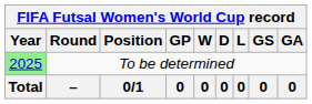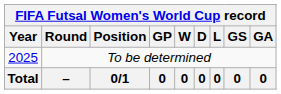 <table class="wikitable" style="text-align: center;font-size:90%;">
 <tr>
 <th colspan=9><a href='#'>FIFA Futsal Women's World Cup</a> record</th>
 </tr>
 <tr>
 <th>Year</th>
 <th>Round</th>
 <th>Position</th>
 <th>GP</th>
 <th>W</th>
 <th>D</th>
 <th>L</th>
 <th>GS</th>
 <th>GA</th>
 </tr>
 <tr>
-<td style="background: lightgreen;"> <a href='#'>2025</a></td>
+<td> <a href='#'>2025</a></td>
 <td colspan=8><em>To be determined</em></td>
 </tr>
 <tr>
 <th><strong>Total</strong></th>
 <th>–</th>
 <th><strong>0/1</strong></th>
 <th><strong>0</strong></th>
 <th><strong>0</strong></th>
 <th><strong>0</strong></th>
 <th><strong>0</strong></th>
 <th><strong>0</strong></th>
 <th><strong>0</strong></th>
 </tr>
 </table>
